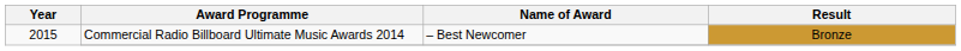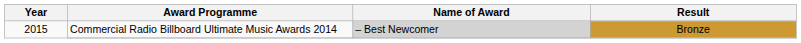 <table class="wikitable" style="width:95%;">
 <tr>
 <th style="width:8%">Year</th>
 <th style="width:36%">Award Programme</th>
 <th style="width:30%">Name of Award</th>
 <th style="width:60%">Result</th>
 </tr>
 <tr>
 <td rowspan = "5" align="center">2015</td>
 <td>Commercial Radio Billboard Ultimate Music Awards 2014</td>
-<td>– Best Newcomer</td>
+<td style="background: lightgrey;">– Best Newcomer</td>
 <td style="background:#CC9933;text-align:center;">Bronze</td>
 </tr>
 <tr>
 </tr>
 </table>
